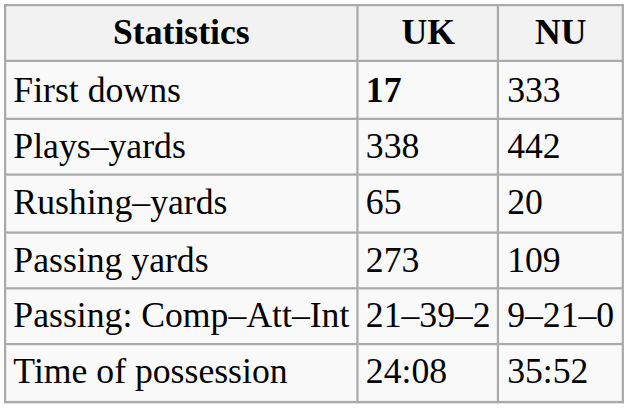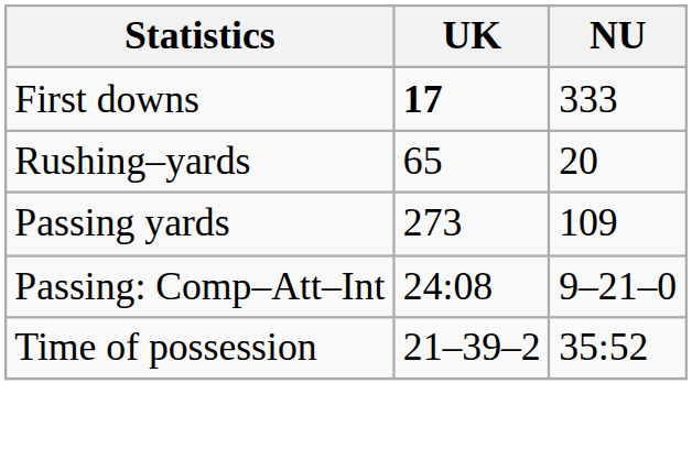 <table class="wikitable">
 <tr>
 <th>Statistics</th>
 <th>UK</th>
 <th>NU</th>
 </tr>
 <tr>
 <td>First downs</td>
 <td><strong>17</strong></td>
 <td>333</td>
-</tr>
-<tr>
-<td>Plays–yards</td>
-<td>338</td>
-<td>442</td>
 </tr>
 <tr>
 <td>Rushing–yards</td>
 <td>65</td>
 <td>20</td>
 </tr>
 <tr>
 <td>Passing yards</td>
 <td>273</td>
 <td>109</td>
 </tr>
 <tr>
 <td>Passing: Comp–Att–Int</td>
-<td>21–39–2</td>
+<td>24:08</td>
 <td>9–21–0</td>
 </tr>
 <tr>
 <td>Time of possession</td>
-<td>24:08</td>
+<td>21–39–2</td>
 <td>35:52</td>
 </tr>
 <tr>
 </tr>
 </table>
